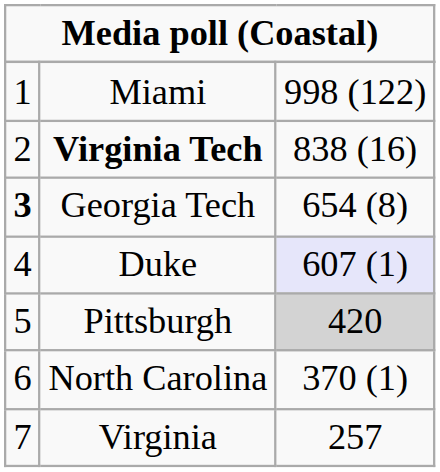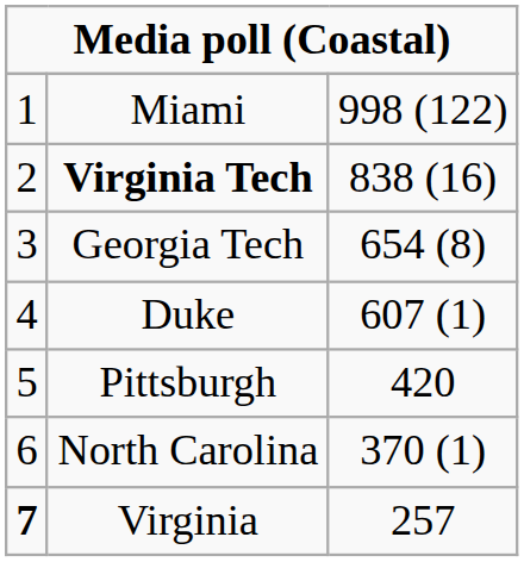 <table class="wikitable">
 <tr align="center">
 <td align="center" Colspan="3"><strong>Media poll (Coastal)</strong></td>
 </tr>
 <tr align="center">
 </tr>
 <tr align="center">
 <td>1</td>
 <td>Miami</td>
 <td>998 (122)</td>
 </tr>
 <tr align="center">
 <td>2</td>
 <td><strong>Virginia Tech</strong></td>
 <td>838 (16)</td>
 </tr>
 <tr align="center">
-<td><strong>3</strong></td>
+<td>3</td>
 <td>Georgia Tech</td>
 <td>654 (8)</td>
 </tr>
 <tr align="center">
 <td>4</td>
 <td>Duke</td>
-<td style="background: lavender;">607 (1)</td>
+<td>607 (1)</td>
 </tr>
 <tr align="center">
 <td>5</td>
 <td>Pittsburgh</td>
-<td style="background: lightgrey;">420</td>
+<td>420</td>
 </tr>
 <tr align="center">
 <td>6</td>
 <td>North Carolina</td>
 <td>370 (1)</td>
 </tr>
 <tr align="center">
-<td>7</td>
+<td><strong>7</strong></td>
 <td>Virginia</td>
 <td>257</td>
 </tr>
 </table>
